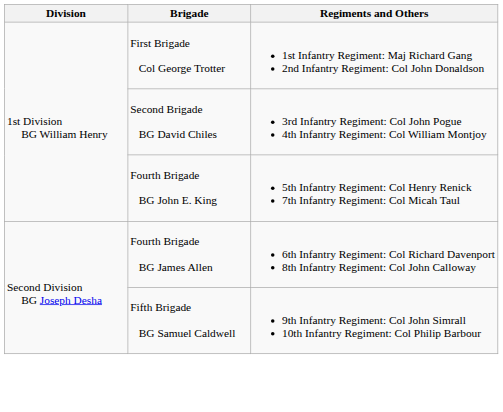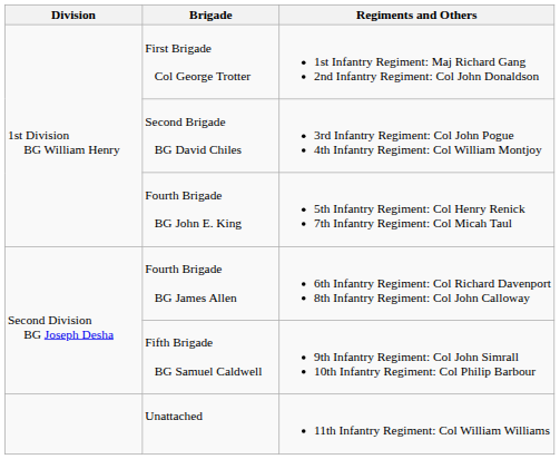 <table class="wikitable">
 <tr>
 <th width=25%>Division</th>
 <th width=25%>Brigade</th>
 <th>Regiments and Others</th>
 </tr>
 <tr>
 <td rowspan=3><br>1st Division <br>     BG William Henry</td>
 <td>First Brigade<br><br>   Col George Trotter</td>
 <td><br><ul><li>1st Infantry Regiment: Maj Richard Gang</li><li>2nd Infantry Regiment: Col John Donaldson</li></ul></td>
 </tr>
 <tr>
 <td>Second Brigade<br><br>   BG David Chiles</td>
 <td><br><ul><li>3rd Infantry Regiment: Col John Pogue</li><li>4th Infantry Regiment: Col William Montjoy</li></ul></td>
 </tr>
 <tr>
 <td>Fourth Brigade<br><br>   BG John E. King</td>
 <td><br><ul><li>5th Infantry Regiment: Col Henry Renick</li><li>7th Infantry Regiment: Col Micah Taul</li></ul></td>
 </tr>
 <tr>
 <td rowspan=2><br>Second Division <br>     BG <a href='#'>Joseph Desha</a></td>
 <td>Fourth Brigade<br><br>   BG James Allen</td>
 <td><br><ul><li>6th Infantry Regiment: Col Richard Davenport</li><li>8th Infantry Regiment: Col John Calloway</li></ul></td>
 </tr>
 <tr>
 <td>Fifth Brigade<br><br>   BG Samuel Caldwell</td>
 <td><br><ul><li>9th Infantry Regiment: Col John Simrall</li><li>10th Infantry Regiment: Col Philip Barbour</li></ul></td>
 </tr>
+<tr>
+<td></td>
+<td>Unattached<br><br></td>
+<td><br><ul><li>11th Infantry Regiment: Col William Williams</li></ul></td>
+</tr>
 </table>
